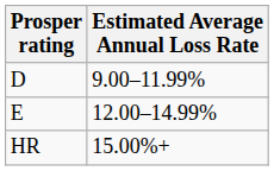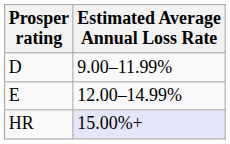 <table class="wikitable">
 <tr>
 <th>Prosper<br>rating</th>
 <th>Estimated Average<br>Annual Loss Rate</th>
 </tr>
 <tr>
 <td>D</td>
 <td>9.00–11.99%</td>
 </tr>
 <tr>
 <td>E</td>
 <td>12.00–14.99%</td>
 </tr>
 <tr>
 <td>HR</td>
-<td>15.00%+</td>
+<td style="background: lavender;">15.00%+</td>
 </tr>
 </table>
